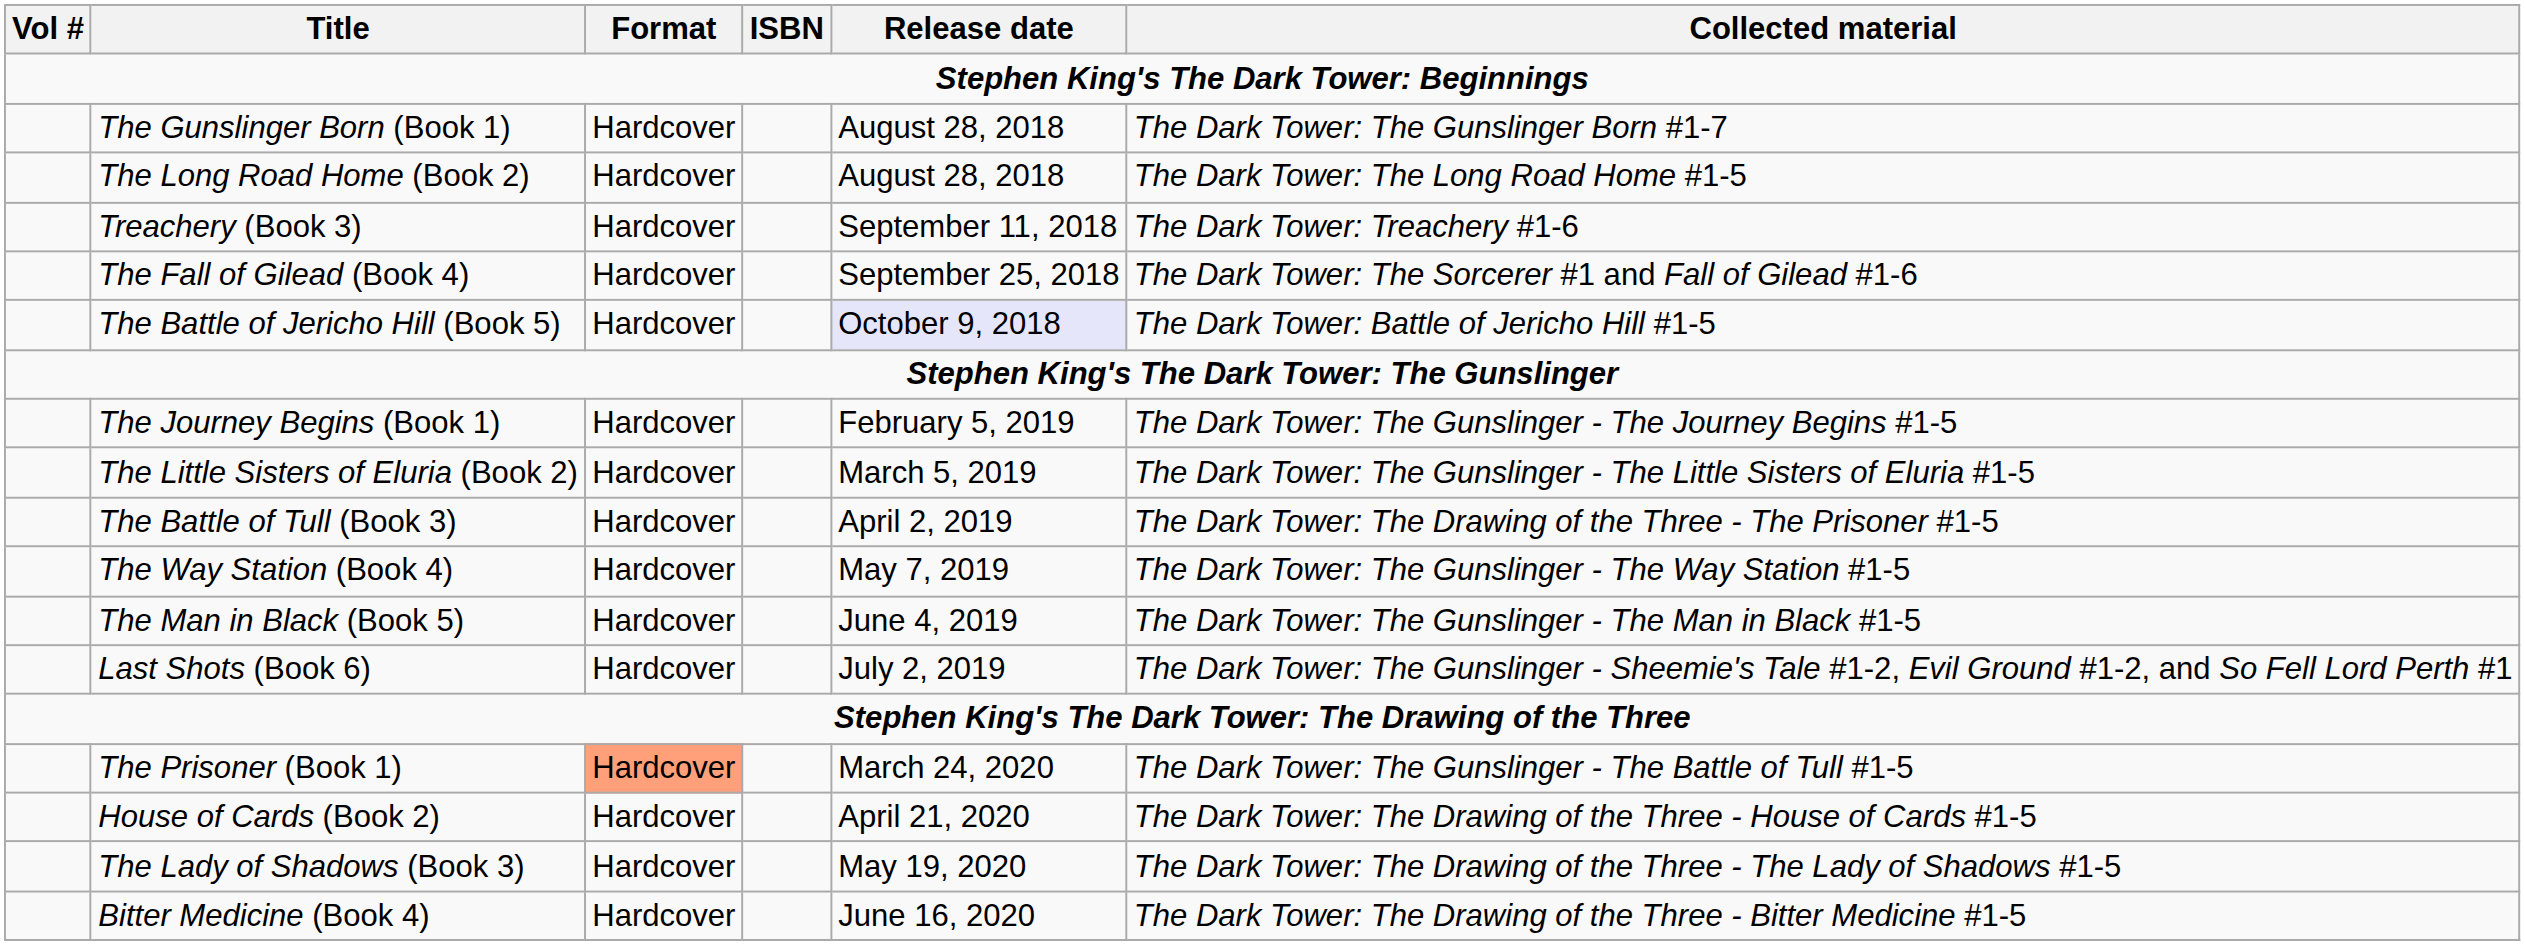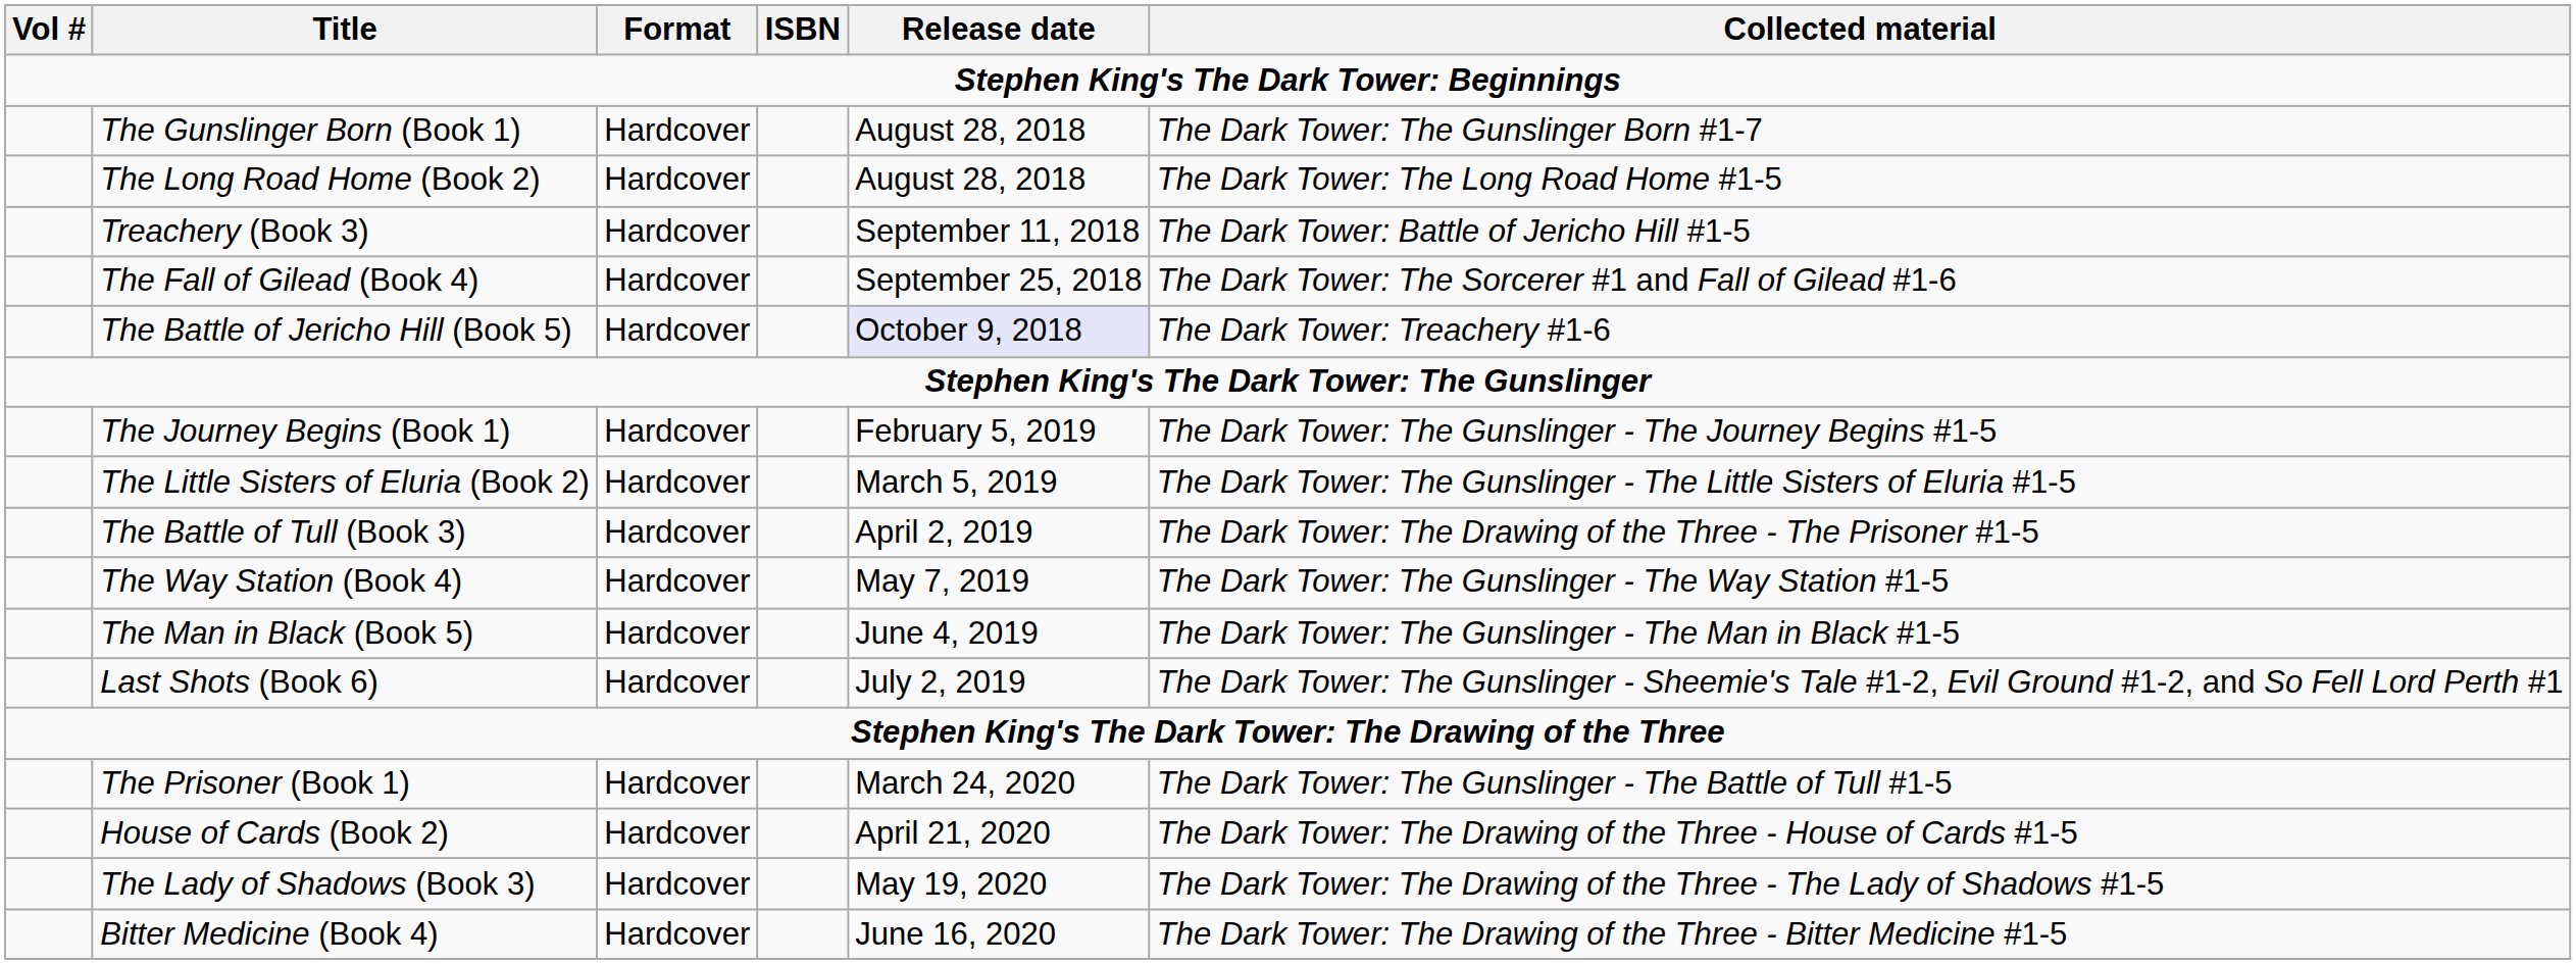 <table class="wikitable">
 <tr>
 <th>Vol #</th>
 <th>Title</th>
 <th>Format</th>
 <th>ISBN</th>
 <th>Release date</th>
 <th>Collected material</th>
 </tr>
 <tr>
 <td colspan="7;" style="text-align:center;"><strong><em>Stephen King's The Dark Tower: Beginnings</em></strong></td>
 </tr>
 <tr>
 <td></td>
 <td><em>The Gunslinger Born</em> (Book 1)</td>
 <td>Hardcover</td>
 <td></td>
 <td>August 28, 2018</td>
 <td><em>The Dark Tower: The Gunslinger Born</em> #1-7</td>
 </tr>
 <tr>
 <td></td>
 <td><em>The Long Road Home</em> (Book 2)</td>
 <td>Hardcover</td>
 <td></td>
 <td>August 28, 2018</td>
 <td><em>The Dark Tower: The Long Road Home</em> #1-5</td>
 </tr>
 <tr>
 <td></td>
 <td><em>Treachery</em> (Book 3)</td>
 <td>Hardcover</td>
 <td></td>
 <td>September 11, 2018</td>
-<td><em>The Dark Tower: Treachery</em> #1-6</td>
+<td><em>The Dark Tower: Battle of Jericho Hill</em> #1-5</td>
 </tr>
 <tr>
 <td></td>
 <td><em>The Fall of Gilead</em> (Book 4)</td>
 <td>Hardcover</td>
 <td></td>
 <td>September 25, 2018</td>
 <td><em>The Dark Tower: The Sorcerer</em> #1 and <em>Fall of Gilead</em> #1-6</td>
 </tr>
 <tr>
 <td></td>
 <td><em>The Battle of Jericho Hill</em> (Book 5)</td>
 <td>Hardcover</td>
 <td></td>
 <td style="background: lavender;">October 9, 2018</td>
-<td><em>The Dark Tower: Battle of Jericho Hill</em> #1-5</td>
+<td><em>The Dark Tower: Treachery</em> #1-6</td>
 </tr>
 <tr>
 <td colspan="7;" style="text-align:center;"><strong><em>Stephen King's The Dark Tower: The Gunslinger</em></strong></td>
 </tr>
 <tr>
 <td></td>
 <td><em>The Journey Begins</em> (Book 1)</td>
 <td>Hardcover</td>
 <td></td>
 <td>February 5, 2019</td>
 <td><em>The Dark Tower: The Gunslinger - The Journey Begins</em> #1-5</td>
 </tr>
 <tr>
 <td></td>
 <td><em>The Little Sisters of Eluria</em> (Book 2)</td>
 <td>Hardcover</td>
 <td></td>
 <td>March 5, 2019</td>
 <td><em>The Dark Tower: The Gunslinger - The Little Sisters of Eluria</em> #1-5</td>
 </tr>
 <tr>
 <td></td>
 <td><em>The Battle of Tull</em> (Book 3)</td>
 <td>Hardcover</td>
 <td></td>
 <td>April 2, 2019</td>
 <td><em>The Dark Tower: The Drawing of the Three - The Prisoner</em> #1-5</td>
 </tr>
 <tr>
 <td></td>
 <td><em>The Way Station</em> (Book 4)</td>
 <td>Hardcover</td>
 <td></td>
 <td>May 7, 2019</td>
 <td><em>The Dark Tower: The Gunslinger - The Way Station</em> #1-5</td>
 </tr>
 <tr>
 <td></td>
 <td><em>The Man in Black</em> (Book 5)</td>
 <td>Hardcover</td>
 <td></td>
 <td>June 4, 2019</td>
 <td><em>The Dark Tower: The Gunslinger - The Man in Black</em> #1-5</td>
 </tr>
 <tr>
 <td></td>
 <td><em>Last Shots</em> (Book 6)</td>
 <td>Hardcover</td>
 <td></td>
 <td>July 2, 2019</td>
 <td><em>The Dark Tower: The Gunslinger - Sheemie's Tale</em> #1-2, <em>Evil Ground</em> #1-2, and <em>So Fell Lord Perth</em> #1</td>
 </tr>
 <tr>
 <td colspan="7;" style="text-align:center;"><strong><em>Stephen King's The Dark Tower: The Drawing of the Three</em></strong></td>
 </tr>
 <tr>
 <td></td>
 <td><em>The Prisoner</em> (Book 1)</td>
-<td style="background: lightsalmon;">Hardcover</td>
+<td>Hardcover</td>
 <td></td>
 <td>March 24, 2020</td>
 <td><em>The Dark Tower: The Gunslinger - The Battle of Tull</em> #1-5</td>
 </tr>
 <tr>
 <td></td>
 <td><em>House of Cards</em> (Book 2)</td>
 <td>Hardcover</td>
 <td></td>
 <td>April 21, 2020</td>
 <td><em>The Dark Tower:  The Drawing of the Three - House of Cards</em> #1-5</td>
 </tr>
 <tr>
 <td></td>
 <td><em>The Lady of Shadows</em> (Book 3)</td>
 <td>Hardcover</td>
 <td></td>
 <td>May 19, 2020</td>
 <td><em>The Dark Tower: The Drawing of the Three - The Lady of Shadows</em> #1-5</td>
 </tr>
 <tr>
 <td></td>
 <td><em>Bitter Medicine</em> (Book 4)</td>
 <td>Hardcover</td>
 <td></td>
 <td>June 16, 2020</td>
 <td><em>The Dark Tower: The Drawing of the Three - Bitter Medicine</em> #1-5</td>
 </tr>
 <tr>
 </tr>
 </table>
